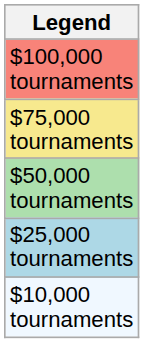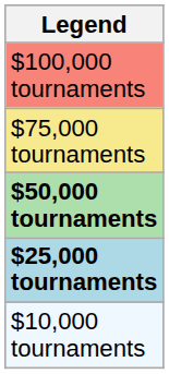 <table class="wikitable" style="font-size:85%; width:13%;">
 <tr>
 <th>Legend</th>
 </tr>
 <tr style="background:#f88379;">
 <td>$100,000 tournaments</td>
 </tr>
 <tr style="background:#f7e98e;">
 <td>$75,000 tournaments</td>
 </tr>
 <tr style="background:#addfad;">
-<td>$50,000 tournaments</td>
+<td><strong>$50,000 tournaments</strong></td>
 </tr>
 <tr style="background:lightblue;">
-<td>$25,000 tournaments</td>
+<td><strong>$25,000 tournaments</strong></td>
 </tr>
 <tr bgcolor="#f0f8ff">
 <td>$10,000 tournaments</td>
 </tr>
 </table>
